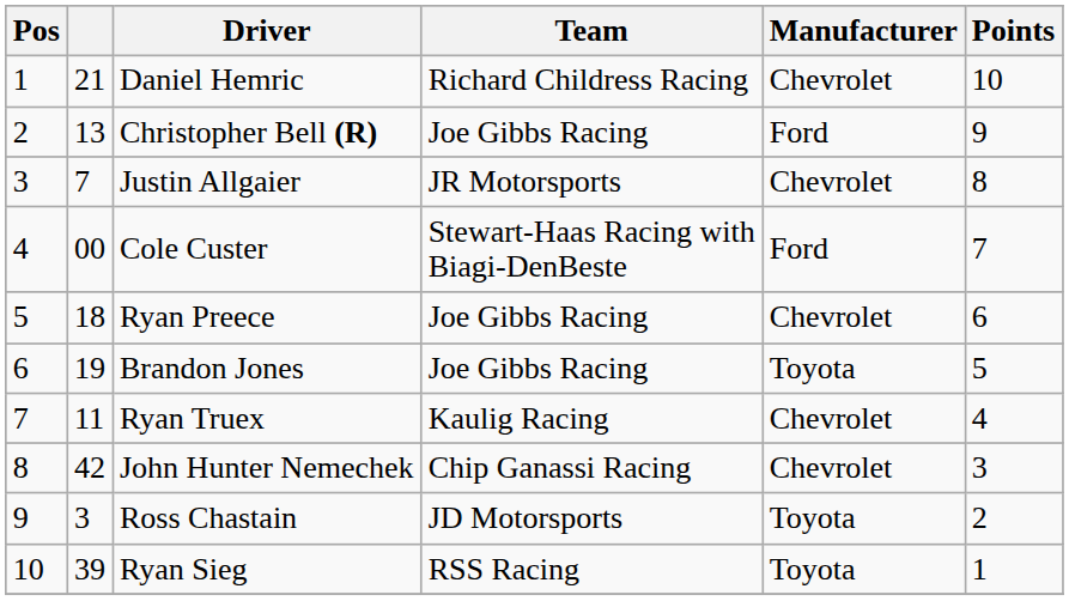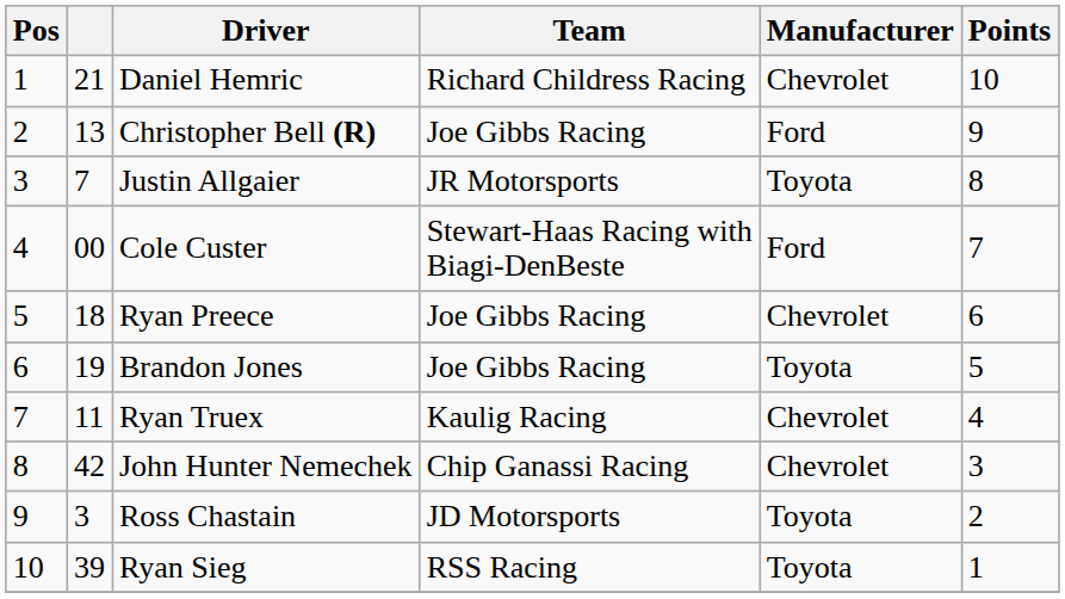 <table class="wikitable" style="font-size:98%">
 <tr>
 <th>Pos</th>
 <th></th>
 <th>Driver</th>
 <th>Team</th>
 <th>Manufacturer</th>
 <th>Points</th>
 </tr>
 <tr>
 <td>1</td>
 <td>21</td>
 <td>Daniel Hemric</td>
 <td>Richard Childress Racing</td>
 <td>Chevrolet</td>
 <td>10</td>
 </tr>
 <tr>
 <td>2</td>
 <td>13</td>
 <td>Christopher Bell <strong>(R)</strong></td>
 <td>Joe Gibbs Racing</td>
 <td>Ford</td>
 <td>9</td>
 </tr>
 <tr>
 <td>3</td>
 <td>7</td>
 <td>Justin Allgaier</td>
 <td>JR Motorsports</td>
-<td>Chevrolet</td>
+<td>Toyota</td>
 <td>8</td>
 </tr>
 <tr>
 <td>4</td>
 <td>00</td>
 <td>Cole Custer</td>
 <td>Stewart-Haas Racing with <br> Biagi-DenBeste</td>
 <td>Ford</td>
 <td>7</td>
 </tr>
 <tr>
 <td>5</td>
 <td>18</td>
 <td>Ryan Preece</td>
 <td>Joe Gibbs Racing</td>
 <td>Chevrolet</td>
 <td>6</td>
 </tr>
 <tr>
 <td>6</td>
 <td>19</td>
 <td>Brandon Jones</td>
 <td>Joe Gibbs Racing</td>
 <td>Toyota</td>
 <td>5</td>
 </tr>
 <tr>
 <td>7</td>
 <td>11</td>
 <td>Ryan Truex</td>
 <td>Kaulig Racing</td>
 <td>Chevrolet</td>
 <td>4</td>
 </tr>
 <tr>
 <td>8</td>
 <td>42</td>
 <td>John Hunter Nemechek</td>
 <td>Chip Ganassi Racing</td>
 <td>Chevrolet</td>
 <td>3</td>
 </tr>
 <tr>
 <td>9</td>
 <td>3</td>
 <td>Ross Chastain</td>
 <td>JD Motorsports</td>
 <td>Toyota</td>
 <td>2</td>
 </tr>
 <tr>
 <td>10</td>
 <td>39</td>
 <td>Ryan Sieg</td>
 <td>RSS Racing</td>
 <td>Toyota</td>
 <td>1</td>
 </tr>
 <tr>
 </tr>
 </table>
